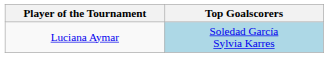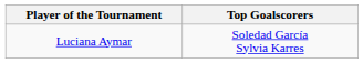 <table class=wikitable style="margin:auto; text-align:center">
 <tr>
 <th style="width: 220px;">Player of the Tournament</th>
 <th style="width: 220px;">Top Goalscorers</th>
 </tr>
 <tr>
 <td> <a href='#'>Luciana Aymar</a></td>
-<td style="background: lightblue;"> <a href='#'>Soledad García</a><br> <a href='#'>Sylvia Karres</a></td>
+<td> <a href='#'>Soledad García</a><br> <a href='#'>Sylvia Karres</a></td>
 </tr>
 </table>
